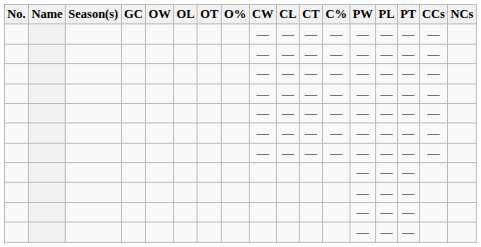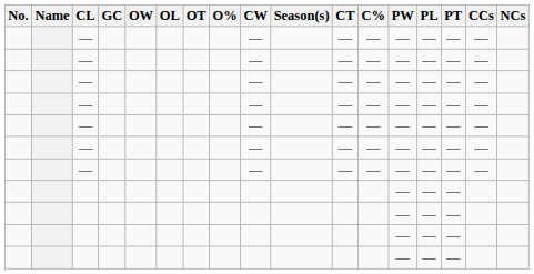 <table class="wikitable sortable" style="text-align:center;">
 <tr>
 <th scope="col" class="unsortable">No.</th>
 <th scope="col">Name</th>
-<th scope="col">Season(s)</th>
+<th scope="col">CL</th>
 <th scope="col">GC</th>
 <th scope="col">OW</th>
 <th scope="col">OL</th>
 <th scope="col">OT</th>
 <th scope="col">O%</th>
 <th scope="col">CW</th>
-<th scope="col">CL</th>
+<th scope="col">Season(s)</th>
 <th scope="col">CT</th>
 <th scope="col">C%</th>
 <th scope="col">PW</th>
 <th scope="col">PL</th>
 <th scope="col">PT</th>
 <th scope="col">CCs</th>
 <th scope="col">NCs</th>
 </tr>
 <tr>
 <td></td>
 <th scope="row"></th>
-<td></td>
+<td>—</td>
 <td></td>
 <td></td>
 <td></td>
 <td></td>
 <td></td>
 <td>—</td>
-<td>—</td>
+<td></td>
 <td>—</td>
 <td>—</td>
 <td>—</td>
 <td>—</td>
 <td>—</td>
 <td>—</td>
 <td></td>
 </tr>
 <tr>
 <td></td>
 <th scope="row"></th>
-<td></td>
+<td>—</td>
 <td></td>
 <td></td>
 <td></td>
 <td></td>
 <td></td>
 <td>—</td>
-<td>—</td>
+<td></td>
 <td>—</td>
 <td>—</td>
 <td>—</td>
 <td>—</td>
 <td>—</td>
 <td>—</td>
 <td></td>
 </tr>
 <tr>
 <td></td>
 <th scope="row"></th>
-<td></td>
+<td>—</td>
 <td></td>
 <td></td>
 <td></td>
 <td></td>
 <td></td>
 <td>—</td>
-<td>—</td>
+<td></td>
 <td>—</td>
 <td>—</td>
 <td>—</td>
 <td>—</td>
 <td>—</td>
 <td>—</td>
 <td></td>
 </tr>
 <tr>
 <td></td>
 <th scope="row"></th>
-<td></td>
+<td>—</td>
 <td></td>
 <td></td>
 <td></td>
 <td></td>
 <td></td>
 <td>—</td>
-<td>—</td>
+<td></td>
 <td>—</td>
 <td>—</td>
 <td>—</td>
 <td>—</td>
 <td>—</td>
 <td>—</td>
 <td></td>
 </tr>
 <tr>
 <td></td>
 <th scope="row"></th>
-<td></td>
+<td>—</td>
 <td></td>
 <td></td>
 <td></td>
 <td></td>
 <td></td>
 <td>—</td>
-<td>—</td>
+<td></td>
 <td>—</td>
 <td>—</td>
 <td>—</td>
 <td>—</td>
 <td>—</td>
 <td>—</td>
 <td></td>
 </tr>
 <tr>
 <td></td>
 <th scope="row"></th>
-<td></td>
+<td>—</td>
 <td></td>
 <td></td>
 <td></td>
 <td></td>
 <td></td>
 <td>—</td>
-<td>—</td>
+<td></td>
 <td>—</td>
 <td>—</td>
 <td>—</td>
 <td>—</td>
 <td>—</td>
 <td>—</td>
 <td></td>
 </tr>
 <tr>
 <td></td>
 <th scope="row"></th>
-<td></td>
+<td>—</td>
 <td></td>
 <td></td>
 <td></td>
 <td></td>
 <td></td>
 <td>—</td>
-<td>—</td>
+<td></td>
 <td>—</td>
 <td>—</td>
 <td>—</td>
 <td>—</td>
 <td>—</td>
 <td>—</td>
 <td></td>
 </tr>
 <tr>
 <td></td>
 <th scope="row"></th>
 <td></td>
 <td></td>
 <td></td>
 <td></td>
 <td></td>
 <td></td>
 <td></td>
 <td></td>
 <td></td>
 <td></td>
 <td>—</td>
 <td>—</td>
 <td>—</td>
 <td></td>
 <td></td>
 </tr>
 <tr>
 <td></td>
 <th scope="row"></th>
 <td></td>
 <td></td>
 <td></td>
 <td></td>
 <td></td>
 <td></td>
 <td></td>
 <td></td>
 <td></td>
 <td></td>
 <td>—</td>
 <td>—</td>
 <td>—</td>
 <td></td>
 <td></td>
 </tr>
 <tr>
 <td></td>
 <th scope="row"></th>
 <td></td>
 <td></td>
 <td></td>
 <td></td>
 <td></td>
 <td></td>
 <td></td>
 <td></td>
 <td></td>
 <td></td>
 <td>—</td>
 <td>—</td>
 <td>—</td>
 <td></td>
 <td></td>
 </tr>
 <tr>
 <td></td>
 <th scope="row"></th>
 <td></td>
 <td></td>
 <td></td>
 <td></td>
 <td></td>
 <td></td>
 <td></td>
 <td></td>
 <td></td>
 <td></td>
 <td>—</td>
 <td>—</td>
 <td>—</td>
 <td></td>
 <td></td>
 </tr>
 </table>
